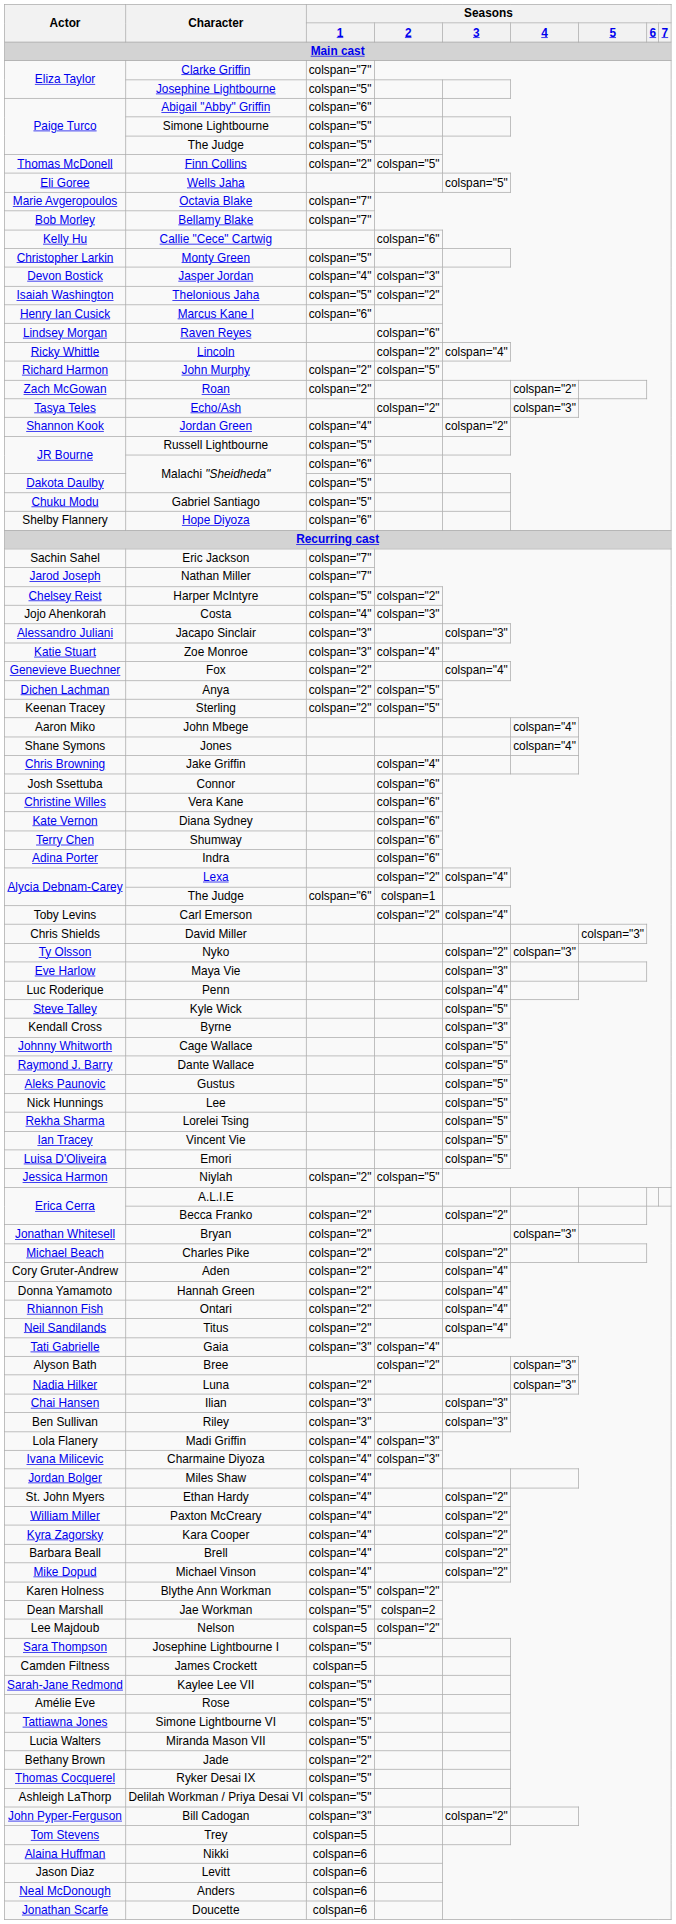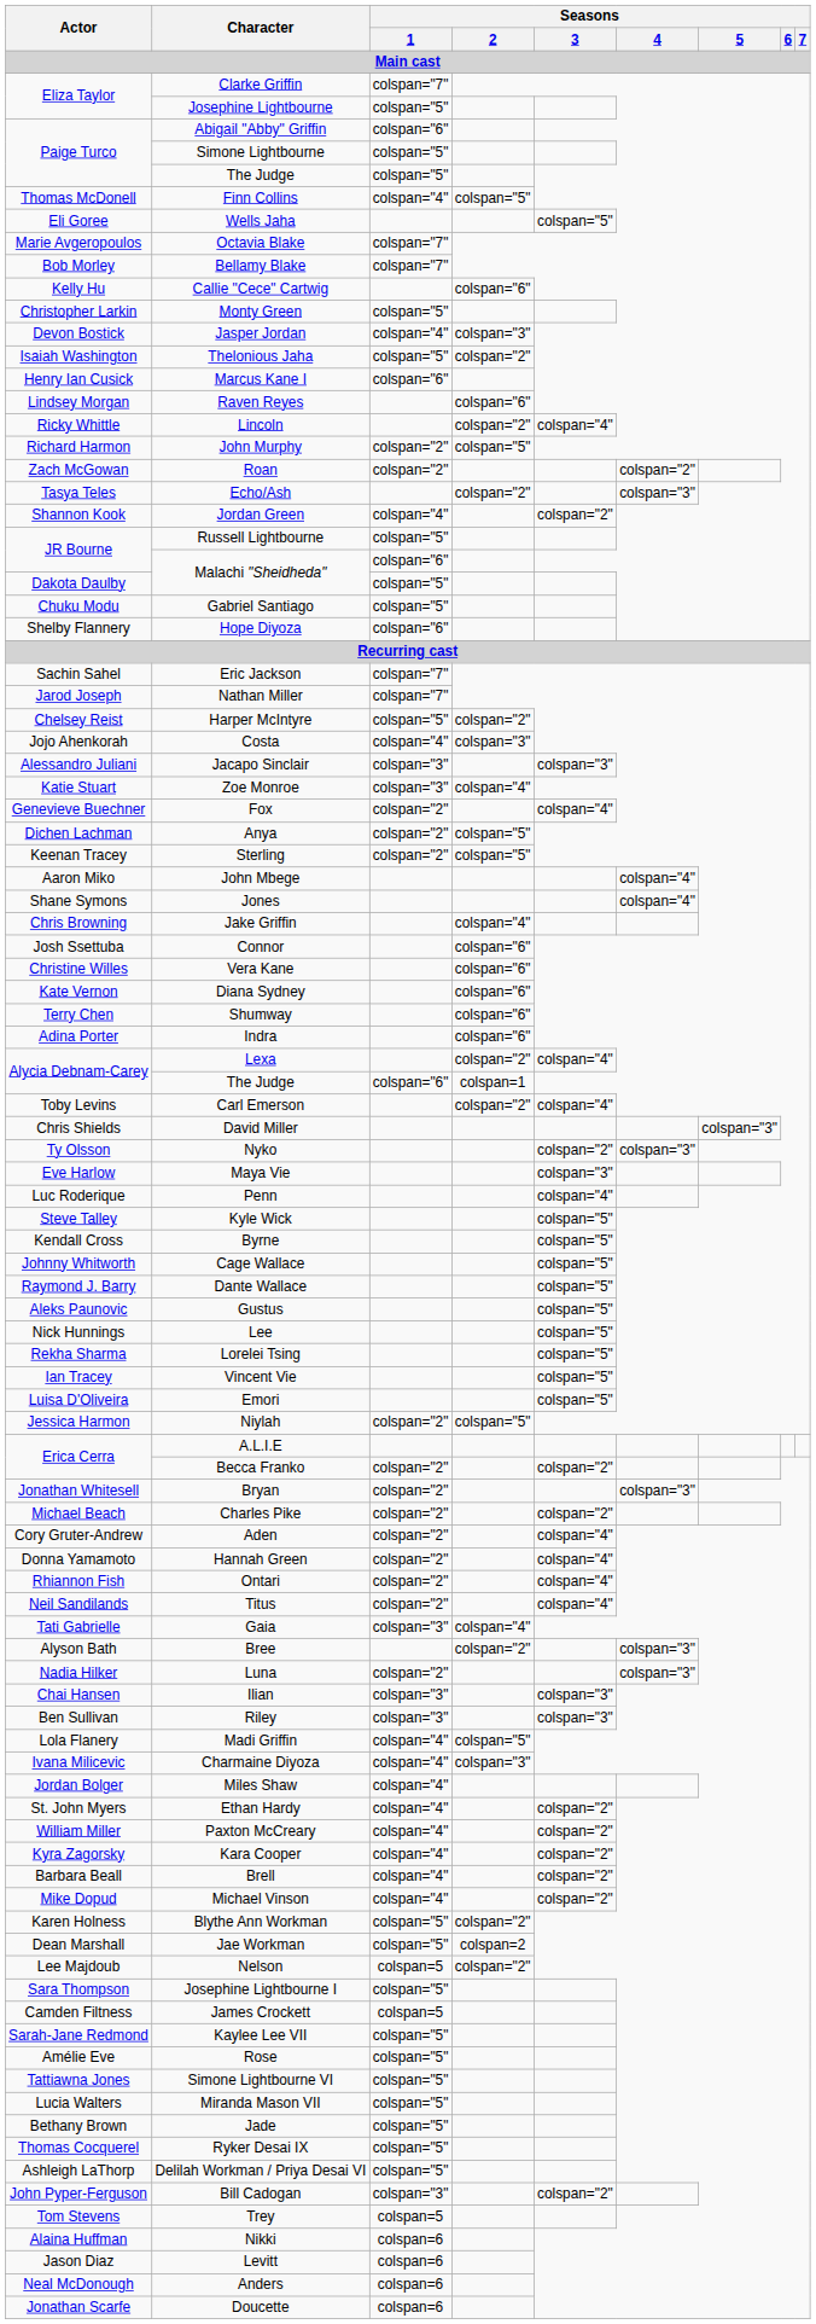 <table class="wikitable" style="text-align:center; width:auto">
 <tr>
 <th scope="col" rowspan="2">Actor</th>
 <th scope="col" rowspan="2">Character</th>
 <th scope="col" colspan="7">Seasons</th>
 </tr>
 <tr>
 <th scope="col"><a href='#'>1</a></th>
 <th scope="col"><a href='#'>2</a></th>
 <th scope="col"><a href='#'>3</a></th>
 <th scope="col"><a href='#'>4</a></th>
 <th scope="col"><a href='#'>5</a></th>
 <th scope="col"><a href='#'>6</a></th>
 <th scope="col"><a href='#'>7</a></th>
 </tr>
 <tr>
 <th scope="col" colspan="9" style="background:lightgrey;"><a href='#'>Main cast</a><br></th>
 </tr>
 <tr>
 <td rowspan="2"><a href='#'>Eliza Taylor</a></td>
 <td><a href='#'>Clarke Griffin</a></td>
 <td>colspan="7" </td>
 </tr>
 <tr>
 <td><a href='#'>Josephine Lightbourne</a></td>
 <td>colspan="5" </td>
 <td></td>
 <td></td>
 </tr>
 <tr>
 <td rowspan="3"><a href='#'>Paige Turco</a></td>
 <td><a href='#'>Abigail "Abby" Griffin</a></td>
 <td>colspan="6" </td>
 <td></td>
 </tr>
 <tr>
 <td>Simone Lightbourne</td>
 <td>colspan="5" </td>
 <td></td>
 <td></td>
 </tr>
 <tr>
 <td>The Judge</td>
 <td>colspan="5" </td>
 <td></td>
 </tr>
 <tr>
 <td scope="row"><a href='#'>Thomas McDonell</a></td>
 <td><a href='#'>Finn Collins</a></td>
-<td>colspan="2" </td>
+<td>colspan="4" </td>
 <td>colspan="5" </td>
 </tr>
 <tr>
 <td><a href='#'>Eli Goree</a></td>
 <td><a href='#'>Wells Jaha</a></td>
 <td></td>
 <td></td>
 <td>colspan="5" </td>
 </tr>
 <tr>
 <td scope="row"><a href='#'>Marie Avgeropoulos</a></td>
 <td><a href='#'>Octavia Blake</a></td>
 <td>colspan="7" </td>
 </tr>
 <tr>
 <td scope="row"><a href='#'>Bob Morley</a></td>
 <td><a href='#'>Bellamy Blake</a></td>
 <td>colspan="7" </td>
 </tr>
 <tr>
 <td scope="row"><a href='#'>Kelly Hu</a></td>
 <td><a href='#'>Callie "Cece" Cartwig</a></td>
 <td></td>
 <td>colspan="6" </td>
 </tr>
 <tr>
 <td scope="row"><a href='#'>Christopher Larkin</a></td>
 <td><a href='#'>Monty Green</a></td>
 <td>colspan="5" </td>
 <td></td>
 <td></td>
 </tr>
 <tr>
 <td scope="row"><a href='#'>Devon Bostick</a></td>
 <td><a href='#'>Jasper Jordan</a></td>
 <td>colspan="4" </td>
 <td>colspan="3" </td>
 </tr>
 <tr>
 <td scope="row"><a href='#'>Isaiah Washington</a></td>
 <td><a href='#'>Thelonious Jaha</a></td>
 <td>colspan="5" </td>
 <td>colspan="2" </td>
 </tr>
 <tr>
 <td scope="row"><a href='#'>Henry Ian Cusick</a></td>
 <td><a href='#'>Marcus Kane I</a></td>
 <td>colspan="6" </td>
 <td></td>
 </tr>
 <tr>
 <td scope="row"><a href='#'>Lindsey Morgan</a></td>
 <td><a href='#'>Raven Reyes</a></td>
 <td></td>
 <td>colspan="6" </td>
 </tr>
 <tr>
 <td scope="row"><a href='#'>Ricky Whittle</a></td>
 <td><a href='#'>Lincoln</a></td>
 <td></td>
 <td>colspan="2" </td>
 <td>colspan="4" </td>
 </tr>
 <tr>
 <td scope="row"><a href='#'>Richard Harmon</a></td>
 <td><a href='#'>John Murphy</a></td>
 <td>colspan="2" </td>
 <td>colspan="5" </td>
 </tr>
 <tr>
 <td scope="row"><a href='#'>Zach McGowan</a></td>
 <td><a href='#'>Roan</a></td>
 <td>colspan="2" </td>
 <td></td>
 <td></td>
 <td>colspan="2" </td>
 <td></td>
 </tr>
 <tr>
 <td scope="row"><a href='#'>Tasya Teles</a></td>
 <td><a href='#'>Echo/Ash</a></td>
 <td></td>
 <td>colspan="2" </td>
 <td></td>
 <td>colspan="3" </td>
 </tr>
 <tr>
 <td scope="row"><a href='#'>Shannon Kook</a></td>
 <td><a href='#'>Jordan Green</a></td>
 <td>colspan="4" </td>
 <td></td>
 <td>colspan="2" </td>
 </tr>
 <tr>
 <td rowspan="2"><a href='#'>JR Bourne</a></td>
 <td>Russell Lightbourne</td>
 <td>colspan="5" </td>
 <td></td>
 <td></td>
 </tr>
 <tr>
 <td rowspan="2">Malachi <em>"Sheidheda"</em></td>
 <td>colspan="6" </td>
 <td></td>
 </tr>
 <tr>
 <td><a href='#'>Dakota Daulby</a></td>
 <td>colspan="5" </td>
 <td></td>
 <td></td>
 </tr>
 <tr>
 <td scope="row"><a href='#'>Chuku Modu</a></td>
 <td>Gabriel Santiago</td>
 <td>colspan="5" </td>
 <td></td>
 <td></td>
 </tr>
 <tr>
 <td scope="row">Shelby Flannery</td>
 <td><a href='#'>Hope Diyoza</a></td>
 <td>colspan="6" </td>
 <td></td>
 <td></td>
 </tr>
 <tr>
 <th scope="col" colspan="9" style="background:lightgrey;"><a href='#'>Recurring cast</a></th>
 </tr>
 <tr>
 <td scope="row">Sachin Sahel</td>
 <td>Eric Jackson</td>
 <td>colspan="7" </td>
 </tr>
 <tr>
 <td scope="row"><a href='#'>Jarod Joseph</a></td>
 <td>Nathan Miller</td>
 <td>colspan="7" </td>
 </tr>
 <tr>
 <td scope="row"><a href='#'>Chelsey Reist</a></td>
 <td>Harper McIntyre</td>
 <td>colspan="5" </td>
 <td>colspan="2" </td>
 </tr>
 <tr>
 <td scope="row">Jojo Ahenkorah</td>
 <td>Costa</td>
 <td>colspan="4" </td>
 <td>colspan="3" </td>
 </tr>
 <tr>
 <td scope="row"><a href='#'>Alessandro Juliani</a></td>
 <td>Jacapo Sinclair</td>
 <td>colspan="3" </td>
 <td></td>
 <td>colspan="3" </td>
 </tr>
 <tr>
 <td scope="row"><a href='#'>Katie Stuart</a></td>
 <td>Zoe Monroe</td>
 <td>colspan="3" </td>
 <td>colspan="4" </td>
 </tr>
 <tr>
 <td scope="row"><a href='#'>Genevieve Buechner</a></td>
 <td>Fox</td>
 <td>colspan="2" </td>
 <td></td>
 <td>colspan="4" </td>
 </tr>
 <tr>
 <td scope="row"><a href='#'>Dichen Lachman</a></td>
 <td>Anya</td>
 <td>colspan="2" </td>
 <td>colspan="5" </td>
 </tr>
 <tr>
 <td scope="row">Keenan Tracey</td>
 <td>Sterling</td>
 <td>colspan="2" </td>
 <td>colspan="5" </td>
 </tr>
 <tr>
 <td scope="row">Aaron Miko</td>
 <td>John Mbege</td>
 <td></td>
 <td></td>
 <td></td>
 <td>colspan="4" </td>
 </tr>
 <tr>
 <td scope="row">Shane Symons</td>
 <td>Jones</td>
 <td></td>
 <td></td>
 <td></td>
 <td>colspan="4" </td>
 </tr>
 <tr>
 <td scope="row"><a href='#'>Chris Browning</a></td>
 <td>Jake Griffin</td>
 <td></td>
 <td>colspan="4" </td>
 <td></td>
 <td></td>
 </tr>
 <tr>
 <td scope="row">Josh Ssettuba</td>
 <td>Connor</td>
 <td></td>
 <td>colspan="6" </td>
 </tr>
 <tr>
 <td scope="row"><a href='#'>Christine Willes</a></td>
 <td>Vera Kane</td>
 <td></td>
 <td>colspan="6" </td>
 </tr>
 <tr>
 <td scope="row"><a href='#'>Kate Vernon</a></td>
 <td>Diana Sydney</td>
 <td></td>
 <td>colspan="6" </td>
 </tr>
 <tr>
 <td scope="row"><a href='#'>Terry Chen</a></td>
 <td>Shumway</td>
 <td></td>
 <td>colspan="6" </td>
 </tr>
 <tr>
 <td scope="row"><a href='#'>Adina Porter</a></td>
 <td>Indra</td>
 <td></td>
 <td>colspan="6" </td>
 </tr>
 <tr>
 <td rowspan="2"><a href='#'>Alycia Debnam-Carey</a></td>
 <td><a href='#'>Lexa</a></td>
 <td></td>
 <td>colspan="2" </td>
 <td>colspan="4" </td>
 </tr>
 <tr>
 <td>The Judge</td>
 <td>colspan="6" </td>
 <td>colspan=1 </td>
 </tr>
 <tr>
 <td scope="row">Toby Levins</td>
 <td>Carl Emerson</td>
 <td></td>
 <td>colspan="2" </td>
 <td>colspan="4" </td>
 </tr>
 <tr>
 <td scope="row">Chris Shields</td>
 <td>David Miller</td>
 <td></td>
 <td></td>
 <td></td>
 <td></td>
 <td>colspan="3" </td>
 </tr>
 <tr>
 <td scope="row"><a href='#'>Ty Olsson</a></td>
 <td>Nyko</td>
 <td></td>
 <td></td>
 <td>colspan="2" </td>
 <td>colspan="3" </td>
 </tr>
 <tr>
 <td scope="row"><a href='#'>Eve Harlow</a></td>
 <td>Maya Vie</td>
 <td></td>
 <td></td>
 <td>colspan="3" </td>
 <td></td>
 <td></td>
 </tr>
 <tr>
 <td scope="row">Luc Roderique</td>
 <td>Penn</td>
 <td></td>
 <td></td>
 <td>colspan="4" </td>
 <td></td>
 </tr>
 <tr>
 <td scope="row"><a href='#'>Steve Talley</a></td>
 <td>Kyle Wick</td>
 <td></td>
 <td></td>
 <td>colspan="5" </td>
 </tr>
 <tr>
 <td scope="row">Kendall Cross</td>
 <td>Byrne</td>
 <td></td>
 <td></td>
-<td>colspan="3" </td>
+<td>colspan="5" </td>
 </tr>
 <tr>
 <td scope="row"><a href='#'>Johnny Whitworth</a></td>
 <td>Cage Wallace</td>
 <td></td>
 <td></td>
 <td>colspan="5" </td>
 </tr>
 <tr>
 <td scope="row"><a href='#'>Raymond J. Barry</a></td>
 <td>Dante Wallace</td>
 <td></td>
 <td></td>
 <td>colspan="5" </td>
 </tr>
 <tr>
 <td scope="row"><a href='#'>Aleks Paunovic</a></td>
 <td>Gustus</td>
 <td></td>
 <td></td>
 <td>colspan="5" </td>
 </tr>
 <tr>
 <td scope="row">Nick Hunnings</td>
 <td>Lee</td>
 <td></td>
 <td></td>
 <td>colspan="5" </td>
 </tr>
 <tr>
 <td scope="row"><a href='#'>Rekha Sharma</a></td>
 <td>Lorelei Tsing</td>
 <td></td>
 <td></td>
 <td>colspan="5" </td>
 </tr>
 <tr>
 <td scope="row"><a href='#'>Ian Tracey</a></td>
 <td>Vincent Vie</td>
 <td></td>
 <td></td>
 <td>colspan="5" </td>
 </tr>
 <tr>
 <td scope="row"><a href='#'>Luisa D'Oliveira</a></td>
 <td>Emori</td>
 <td></td>
 <td></td>
 <td>colspan="5" </td>
 </tr>
 <tr>
 <td scope="row"><a href='#'>Jessica Harmon</a></td>
 <td>Niylah</td>
 <td>colspan="2" </td>
 <td>colspan="5" </td>
 </tr>
 <tr>
 <td rowspan="2"><a href='#'>Erica Cerra</a></td>
 <td>A.L.I.E</td>
 <td></td>
 <td></td>
 <td></td>
 <td></td>
 <td></td>
 <td></td>
 <td></td>
 </tr>
 <tr>
 <td>Becca Franko</td>
 <td>colspan="2" </td>
 <td></td>
 <td>colspan="2" </td>
 <td></td>
 <td></td>
 </tr>
 <tr>
 <td scope="row"><a href='#'>Jonathan Whitesell</a></td>
 <td>Bryan</td>
 <td>colspan="2" </td>
 <td></td>
 <td></td>
 <td>colspan="3" </td>
 </tr>
 <tr>
 <td scope="row"><a href='#'>Michael Beach</a></td>
 <td>Charles Pike</td>
 <td>colspan="2" </td>
 <td></td>
 <td>colspan="2" </td>
 <td></td>
 <td></td>
 </tr>
 <tr>
 <td scope="row">Cory Gruter-Andrew</td>
 <td>Aden</td>
 <td>colspan="2" </td>
 <td></td>
 <td>colspan="4" </td>
 </tr>
 <tr>
 <td scope="row">Donna Yamamoto</td>
 <td>Hannah Green</td>
 <td>colspan="2" </td>
 <td></td>
 <td>colspan="4" </td>
 </tr>
 <tr>
 <td scope="row"><a href='#'>Rhiannon Fish</a></td>
 <td>Ontari</td>
 <td>colspan="2" </td>
 <td></td>
 <td>colspan="4" </td>
 </tr>
 <tr>
 <td scope="row"><a href='#'>Neil Sandilands</a></td>
 <td>Titus</td>
 <td>colspan="2" </td>
 <td></td>
 <td>colspan="4" </td>
 </tr>
 <tr>
 <td scope="row"><a href='#'>Tati Gabrielle</a></td>
 <td>Gaia</td>
 <td>colspan="3" </td>
 <td>colspan="4" </td>
 </tr>
 <tr>
 <td scope="row">Alyson Bath</td>
 <td>Bree</td>
 <td></td>
 <td>colspan="2" </td>
 <td></td>
 <td>colspan="3" </td>
 </tr>
 <tr>
 <td scope="row"><a href='#'>Nadia Hilker</a></td>
 <td>Luna</td>
 <td>colspan="2" </td>
 <td></td>
 <td></td>
 <td>colspan="3" </td>
 </tr>
 <tr>
 <td scope="row"><a href='#'>Chai Hansen</a></td>
 <td>Ilian</td>
 <td>colspan="3" </td>
 <td></td>
 <td>colspan="3" </td>
 </tr>
 <tr>
 <td scope="row">Ben Sullivan</td>
 <td>Riley</td>
 <td>colspan="3" </td>
 <td></td>
 <td>colspan="3" </td>
 </tr>
 <tr>
 <td scope="row">Lola Flanery</td>
 <td>Madi Griffin</td>
 <td>colspan="4" </td>
-<td>colspan="3" </td>
+<td>colspan="5" </td>
 </tr>
 <tr>
 <td scope="row"><a href='#'>Ivana Milicevic</a></td>
 <td>Charmaine Diyoza</td>
 <td>colspan="4" </td>
 <td>colspan="3" </td>
 </tr>
 <tr>
 <td scope="row"><a href='#'>Jordan Bolger</a></td>
 <td>Miles Shaw</td>
 <td>colspan="4" </td>
 <td></td>
 <td></td>
 <td></td>
 </tr>
 <tr>
 <td scope="row">St. John Myers</td>
 <td>Ethan Hardy</td>
 <td>colspan="4" </td>
 <td></td>
 <td>colspan="2" </td>
 </tr>
 <tr>
 <td scope="row"><a href='#'>William Miller</a></td>
 <td>Paxton McCreary</td>
 <td>colspan="4" </td>
 <td></td>
 <td>colspan="2" </td>
 </tr>
 <tr>
 <td scope="row"><a href='#'>Kyra Zagorsky</a></td>
 <td>Kara Cooper</td>
 <td>colspan="4" </td>
 <td></td>
 <td>colspan="2" </td>
 </tr>
 <tr>
 <td scope="row">Barbara Beall</td>
 <td>Brell</td>
 <td>colspan="4" </td>
 <td></td>
 <td>colspan="2" </td>
 </tr>
 <tr>
 <td scope="row"><a href='#'>Mike Dopud</a></td>
 <td>Michael Vinson</td>
 <td>colspan="4" </td>
 <td></td>
 <td>colspan="2" </td>
 </tr>
 <tr>
 <td scope="row">Karen Holness</td>
 <td>Blythe Ann Workman</td>
 <td>colspan="5" </td>
 <td>colspan="2" </td>
 </tr>
 <tr>
 <td scope="row">Dean Marshall</td>
 <td>Jae Workman</td>
 <td>colspan="5" </td>
 <td>colspan=2 </td>
 </tr>
 <tr>
 <td>Lee Majdoub</td>
 <td>Nelson</td>
 <td>colspan=5 </td>
 <td>colspan="2" </td>
 </tr>
 <tr>
 <td scope="row"><a href='#'>Sara Thompson</a></td>
 <td>Josephine Lightbourne I</td>
 <td>colspan="5" </td>
 <td></td>
 <td></td>
 </tr>
 <tr>
 <td scope="row">Camden Filtness</td>
 <td>James Crockett</td>
 <td>colspan=5 </td>
 <td></td>
 <td></td>
 </tr>
 <tr>
 <td scope="row"><a href='#'>Sarah-Jane Redmond</a></td>
 <td>Kaylee Lee VII</td>
 <td>colspan="5" </td>
 <td></td>
 <td></td>
 </tr>
 <tr>
 <td scope="row">Amélie Eve</td>
 <td>Rose</td>
 <td>colspan="5" </td>
 <td></td>
 <td></td>
 </tr>
 <tr>
 <td scope="row"><a href='#'>Tattiawna Jones</a></td>
 <td>Simone Lightbourne VI</td>
 <td>colspan="5" </td>
 <td></td>
 <td></td>
 </tr>
 <tr>
 <td scope="row">Lucia Walters</td>
 <td>Miranda Mason VII</td>
 <td>colspan="5" </td>
 <td></td>
 <td></td>
 </tr>
 <tr>
 <td scope="row">Bethany Brown</td>
 <td>Jade</td>
-<td>colspan="2" </td>
+<td>colspan="5" </td>
 <td></td>
 <td></td>
 </tr>
 <tr>
 <td scope="row"><a href='#'>Thomas Cocquerel</a></td>
 <td>Ryker Desai IX</td>
 <td>colspan="5" </td>
 <td></td>
 <td></td>
 </tr>
 <tr>
 <td scope="row">Ashleigh LaThorp</td>
 <td>Delilah Workman / Priya Desai VI</td>
 <td>colspan="5" </td>
 <td></td>
 <td></td>
 </tr>
 <tr>
 <td scope="row"><a href='#'>John Pyper-Ferguson</a></td>
 <td>Bill Cadogan</td>
 <td>colspan="3" </td>
 <td></td>
 <td>colspan="2" </td>
 <td></td>
 </tr>
 <tr>
 <td><a href='#'>Tom Stevens</a></td>
 <td>Trey</td>
 <td>colspan=5 </td>
 <td></td>
 <td></td>
 </tr>
 <tr>
 <td><a href='#'>Alaina Huffman</a></td>
 <td>Nikki</td>
 <td>colspan=6 </td>
 <td></td>
 </tr>
 <tr>
 <td>Jason Diaz</td>
 <td>Levitt</td>
 <td>colspan=6 </td>
 <td></td>
 </tr>
 <tr>
 <td><a href='#'>Neal McDonough</a></td>
 <td>Anders</td>
 <td>colspan=6 </td>
 <td></td>
 </tr>
 <tr>
 <td scope="row"><a href='#'>Jonathan Scarfe</a></td>
 <td>Doucette</td>
 <td>colspan=6 </td>
 <td></td>
 </tr>
 </table>
